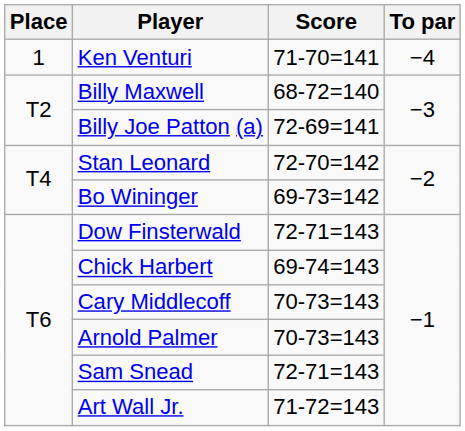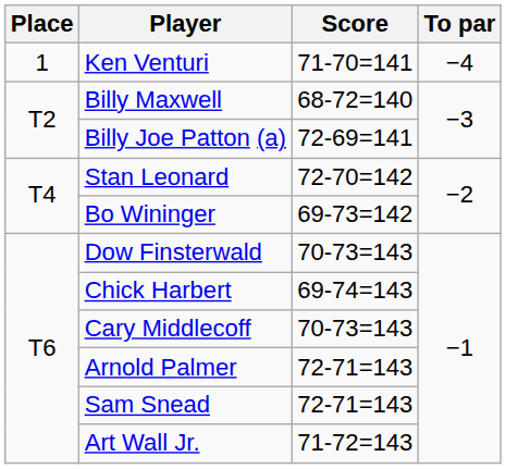 <table class="wikitable">
 <tr>
 <th>Place</th>
 <th>Player</th>
 <th>Score</th>
 <th>To par</th>
 </tr>
 <tr>
 <td align="center">1</td>
 <td> <a href='#'>Ken Venturi</a></td>
 <td>71-70=141</td>
 <td align="center">−4</td>
 </tr>
 <tr>
 <td rowspan="2" align="center">T2</td>
 <td> <a href='#'>Billy Maxwell</a></td>
 <td>68-72=140</td>
 <td rowspan="2" align="center">−3</td>
 </tr>
 <tr>
 <td> <a href='#'>Billy Joe Patton</a> <a href='#'>(a)</a></td>
 <td>72-69=141</td>
 </tr>
 <tr>
 <td rowspan="2" align="center">T4</td>
 <td> <a href='#'>Stan Leonard</a></td>
 <td>72-70=142</td>
 <td rowspan="2" align="center">−2</td>
 </tr>
 <tr>
 <td> <a href='#'>Bo Wininger</a></td>
 <td>69-73=142</td>
 </tr>
 <tr>
 <td rowspan="6" align="center">T6</td>
 <td> <a href='#'>Dow Finsterwald</a></td>
-<td>72-71=143</td>
+<td>70-73=143</td>
 <td rowspan="6" align="center">−1</td>
 </tr>
 <tr>
 <td> <a href='#'>Chick Harbert</a></td>
 <td>69-74=143</td>
 </tr>
 <tr>
 <td> <a href='#'>Cary Middlecoff</a></td>
 <td>70-73=143</td>
 </tr>
 <tr>
 <td> <a href='#'>Arnold Palmer</a></td>
-<td>70-73=143</td>
+<td>72-71=143</td>
 </tr>
 <tr>
 <td> <a href='#'>Sam Snead</a></td>
 <td>72-71=143</td>
 </tr>
 <tr>
 <td> <a href='#'>Art Wall Jr.</a></td>
 <td>71-72=143</td>
 </tr>
 </table>
